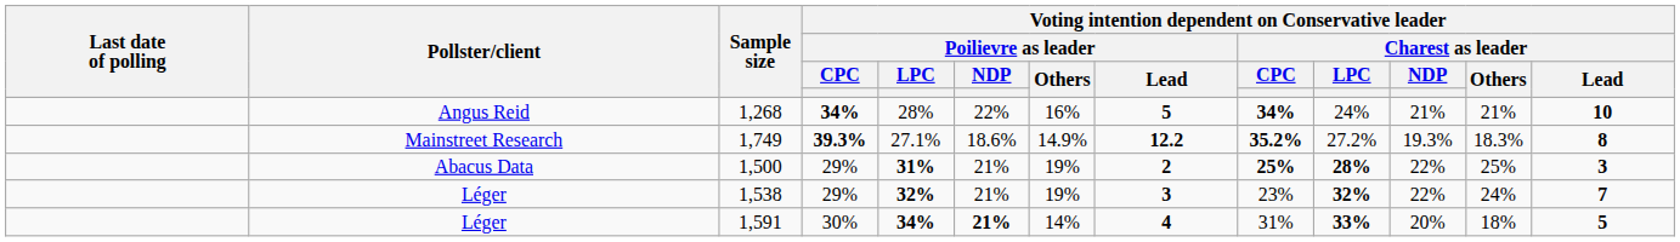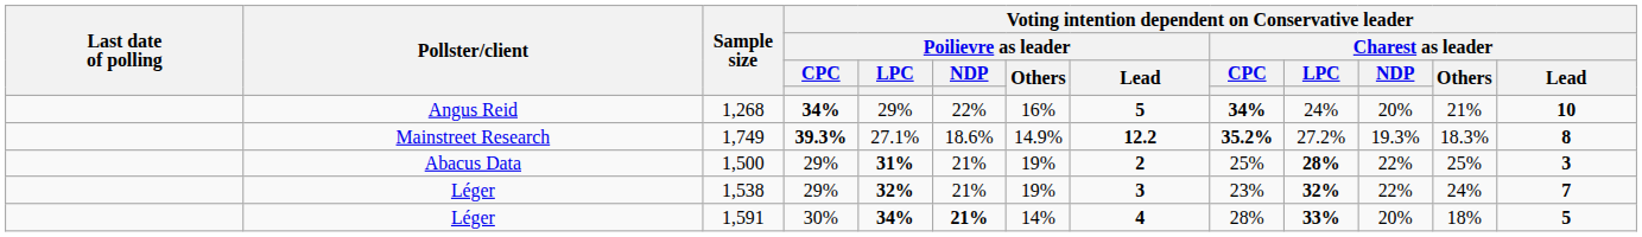 <table class="wikitable sortable mw-datatable" style="text-align:center;font-size:90%;line-height:14px">
 <tr>
 <th rowspan="4">Last date<br>of polling</th>
 <th rowspan="4">Pollster/client</th>
 <th rowspan="4" width=5%>Sample size</th>
 <th colspan="20">Voting intention dependent on Conservative leader</th>
 </tr>
 <tr>
 <th colspan="5"><a href='#'>Poilievre</a> as leader</th>
 <th colspan="5"><a href='#'>Charest</a> as leader</th>
 </tr>
 <tr>
 <th style="width:50px;"><a href='#'>CPC</a></th>
 <th style="width:50px;"><a href='#'>LPC</a></th>
 <th style="width:50px;"><a href='#'>NDP</a></th>
 <th rowspan="2" style="width:40px;">Others</th>
 <th rowspan="2">Lead</th>
 <th style="width:50px;"><a href='#'>CPC</a></th>
 <th style="width:50px;"><a href='#'>LPC</a></th>
 <th style="width:50px;"><a href='#'>NDP</a></th>
 <th rowspan="2" style="width:40px;">Others</th>
 <th rowspan="2">Lead</th>
 </tr>
 <tr class="sorttop">
 <th style="background:"></th>
 <th style="background:"></th>
 <th style="background:"></th>
 <th style="background:"></th>
 <th style="background:"></th>
 <th style="background:"></th>
 </tr>
 <tr>
 <td></td>
 <td><a href='#'>Angus Reid</a></td>
 <td>1,268</td>
 <td><strong>34%</strong></td>
-<td>28%</td>
+<td>29%</td>
 <td>22%</td>
 <td>16%</td>
 <td><strong>5</strong></td>
 <td><strong>34%</strong></td>
 <td>24%</td>
-<td>21%</td>
+<td>20%</td>
 <td>21%</td>
 <td><strong>10</strong></td>
 </tr>
 <tr>
 <td></td>
 <td><a href='#'>Mainstreet Research</a></td>
 <td>1,749</td>
 <td><strong>39.3%</strong></td>
 <td>27.1%</td>
 <td>18.6%</td>
 <td>14.9%</td>
 <td><strong>12.2</strong></td>
 <td><strong>35.2%</strong></td>
 <td>27.2%</td>
 <td>19.3%</td>
 <td>18.3%</td>
 <td><strong>8</strong></td>
 </tr>
 <tr>
 <td></td>
 <td><a href='#'>Abacus Data</a></td>
 <td>1,500</td>
 <td>29%</td>
 <td><strong>31%</strong></td>
 <td>21%</td>
 <td>19%</td>
 <td><strong>2</strong></td>
-<td><strong>25%</strong></td>
+<td>25%</td>
 <td><strong>28%</strong></td>
 <td>22%</td>
 <td>25%</td>
 <td><strong>3</strong></td>
 </tr>
 <tr>
 <td></td>
 <td><a href='#'>Léger</a></td>
 <td>1,538</td>
 <td>29%</td>
 <td><strong>32%</strong></td>
 <td>21%</td>
 <td>19%</td>
 <td><strong>3</strong></td>
 <td>23%</td>
 <td><strong>32%</strong></td>
 <td>22%</td>
 <td>24%</td>
 <td><strong>7</strong></td>
 </tr>
 <tr>
 <td></td>
 <td><a href='#'>Léger</a></td>
 <td>1,591</td>
 <td>30%</td>
 <td><strong>34%</strong></td>
 <td><strong>21%</strong></td>
 <td>14%</td>
 <td><strong>4</strong></td>
-<td>31%</td>
+<td>28%</td>
 <td><strong>33%</strong></td>
 <td>20%</td>
 <td>18%</td>
 <td><strong>5</strong></td>
 </tr>
 </table>
